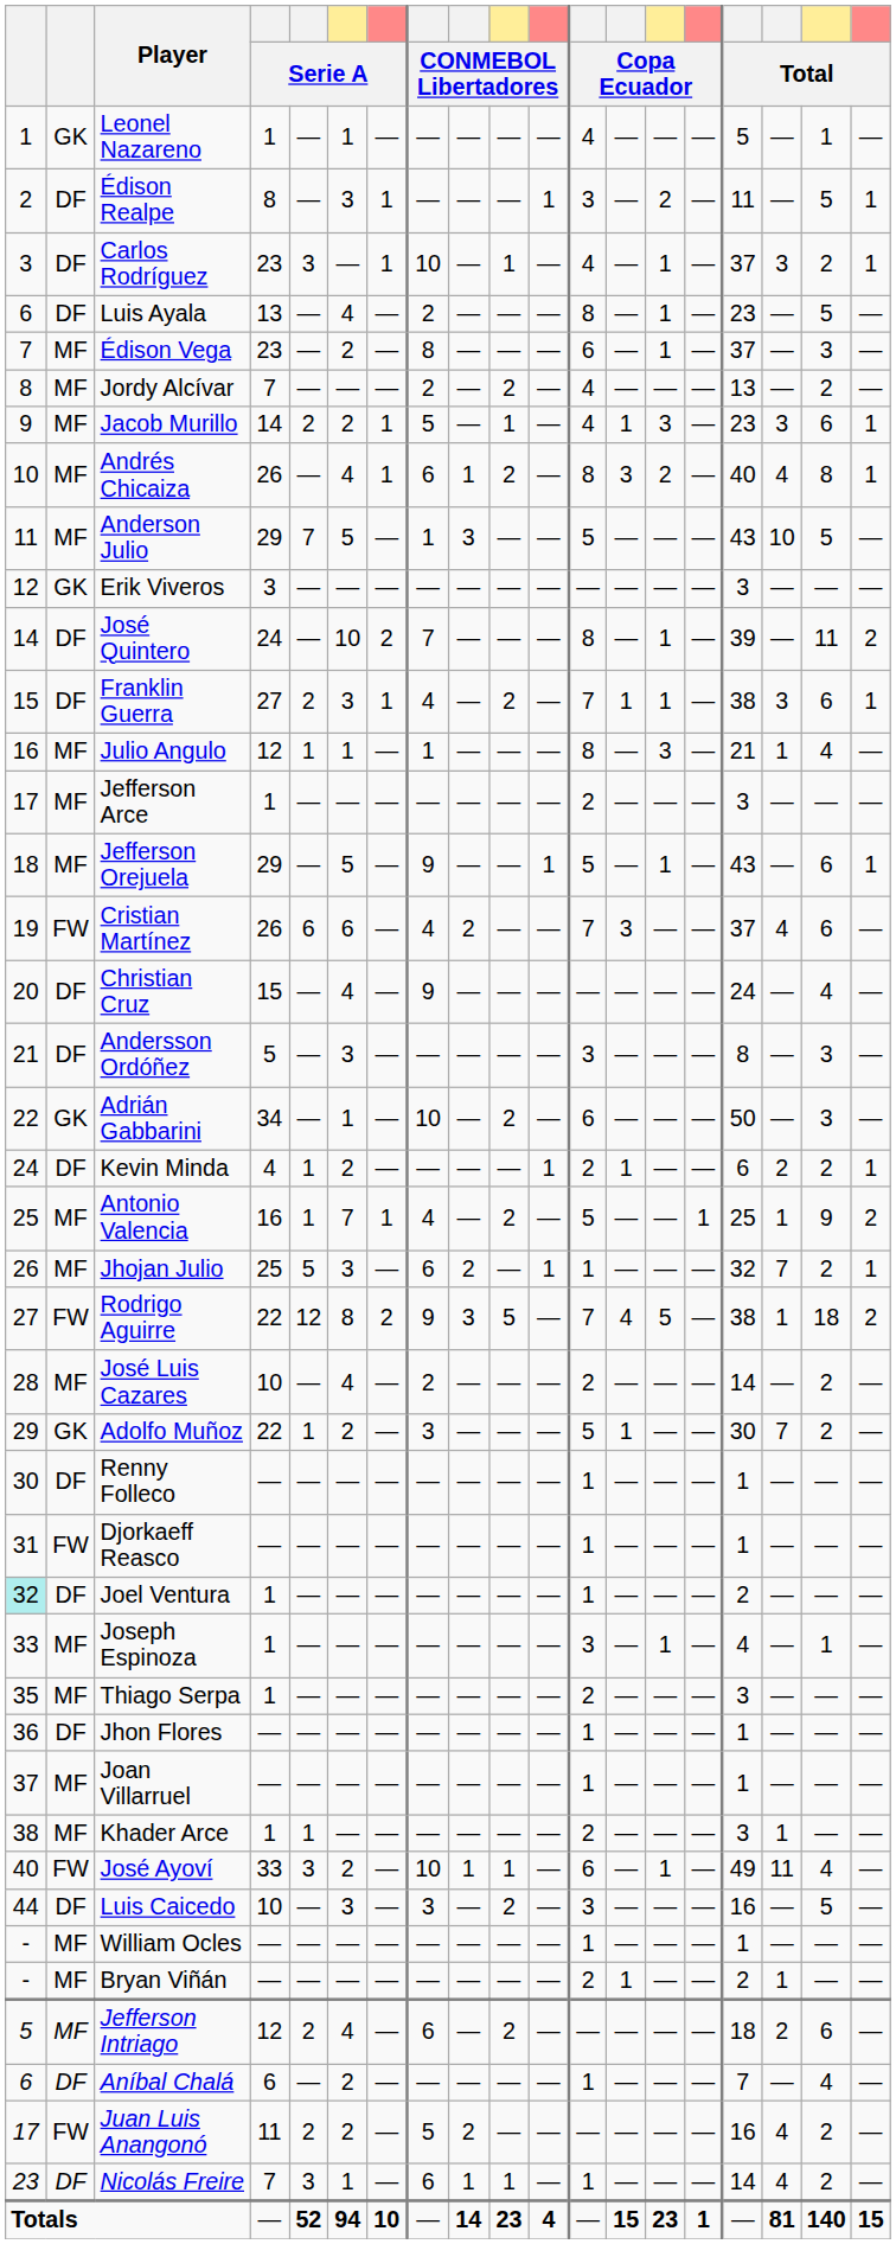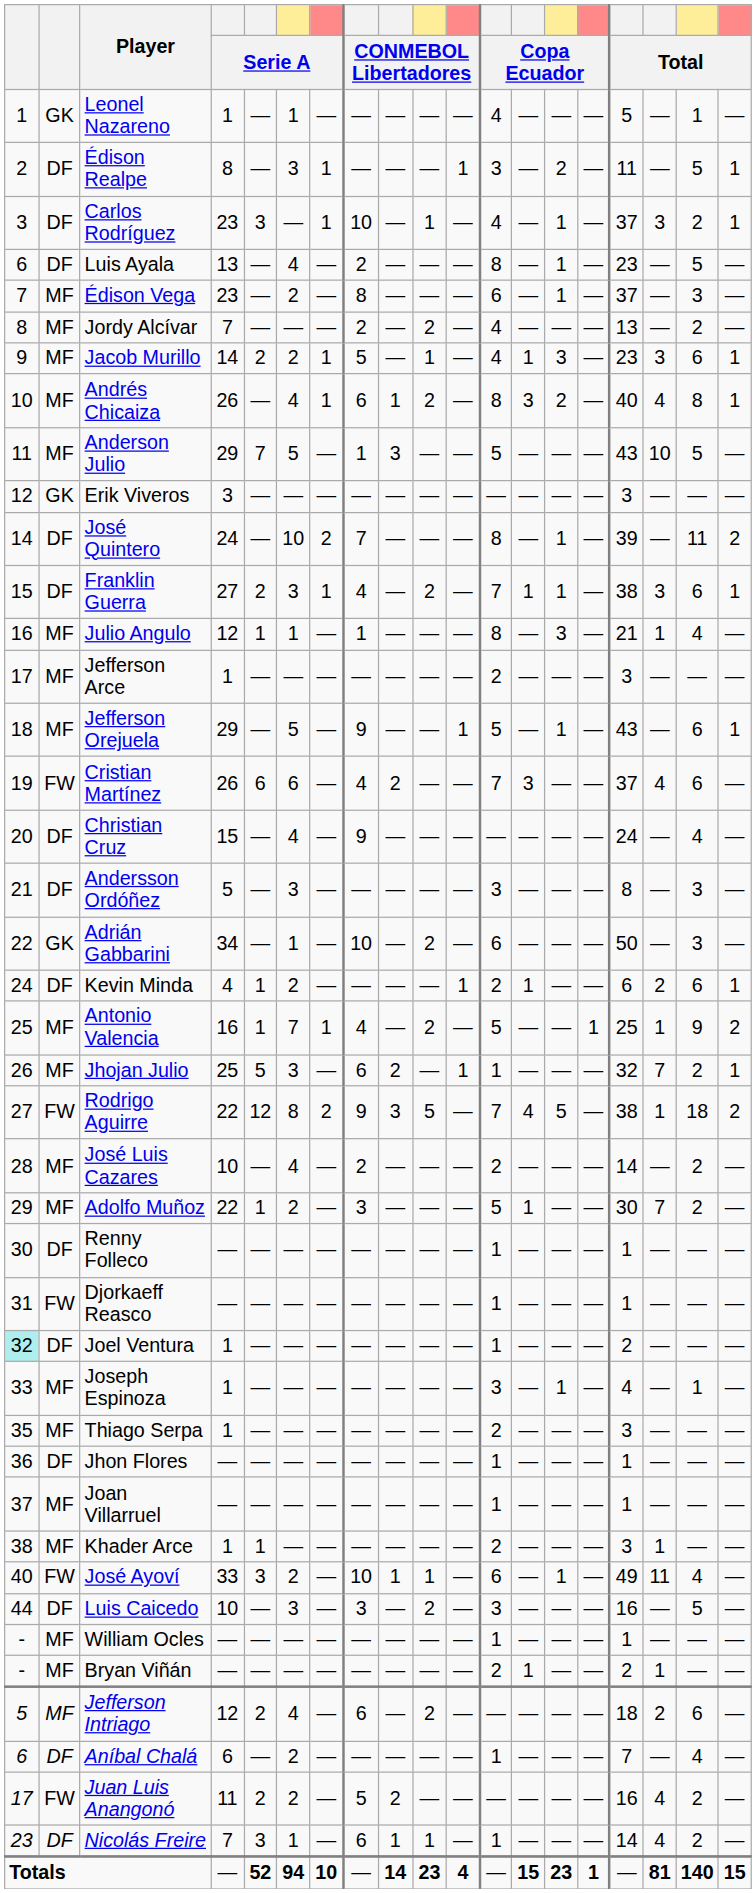 <table class="wikitable sortable" style="text-align: center;">
 <tr>
 <th rowspan="2" width=30 align="center"><br></th>
 <th rowspan="2" width=30 align="center"><br></th>
 <th rowspan="2" width=175 align="center">Player<br></th>
 <th width=25 style="background:"><br></th>
 <th width=25 style="background:"><br></th>
 <th width=25 style="background: #FFEE99"><br></th>
 <th width=25 style="border-right:2px solid grey; background:#FF8888"><br></th>
 <th width=25 style="background:"><br></th>
 <th width=25 style="background:"><br></th>
 <th width=25 style="background: #FFEE99"><br></th>
 <th width=25 style="border-right:2px solid grey; background:#FF8888"><br></th>
 <th width=25 style="background:"><br></th>
 <th width=25 style="background:"><br></th>
 <th width=25 style="background: #FFEE99"><br></th>
 <th width=25 style="border-right:2px solid grey; background:#FF8888"><br></th>
 <th width=25 style="background:"><br></th>
 <th width=25 style="background:"><br></th>
 <th width=25 style="background: #FFEE99"><br></th>
 <th width=25 style="background: #FF8888"><br></th>
 </tr>
 <tr class="sortbottom">
 <th colspan="4" style="border-right:2px solid grey;" align="center"><a href='#'>Serie A</a></th>
 <th colspan="4" style="border-right:2px solid grey;" align="center"><a href='#'>CONMEBOL<br>Libertadores</a></th>
 <th colspan="4" style="border-right:2px solid grey;" align="center"><a href='#'>Copa<br>Ecuador</a></th>
 <th colspan="4" align="center">Total</th>
 </tr>
 <tr>
 <td>1</td>
 <td>GK</td>
 <td align=left><a href='#'>Leonel Nazareno</a></td>
 <td>1</td>
 <td>—</td>
 <td>1</td>
 <td>—</td>
 <td style="border-left:2px solid grey">—</td>
 <td>—</td>
 <td>—</td>
 <td>—</td>
 <td style="border-left:2px solid grey">4</td>
 <td>—</td>
 <td>—</td>
 <td>—</td>
 <td style="border-left:2px solid grey">5</td>
 <td>—</td>
 <td>1</td>
 <td>—</td>
 </tr>
 <tr>
 <td>2</td>
 <td>DF</td>
 <td align=left><a href='#'>Édison Realpe</a></td>
 <td>8</td>
 <td>—</td>
 <td>3</td>
 <td>1</td>
 <td style="border-left:2px solid grey">—</td>
 <td>—</td>
 <td>—</td>
 <td>1</td>
 <td style="border-left:2px solid grey">3</td>
 <td>—</td>
 <td>2</td>
 <td>—</td>
 <td style="border-left:2px solid grey">11</td>
 <td>—</td>
 <td>5</td>
 <td>1</td>
 </tr>
 <tr>
 <td>3</td>
 <td>DF</td>
 <td align=left><a href='#'>Carlos Rodríguez</a></td>
 <td>23</td>
 <td>3</td>
 <td>—</td>
 <td>1</td>
 <td style="border-left:2px solid grey">10</td>
 <td>—</td>
 <td>1</td>
 <td>—</td>
 <td style="border-left:2px solid grey">4</td>
 <td>—</td>
 <td>1</td>
 <td>—</td>
 <td style="border-left:2px solid grey">37</td>
 <td>3</td>
 <td>2</td>
 <td>1</td>
 </tr>
 <tr>
 <td>6</td>
 <td>DF</td>
 <td align=left>Luis Ayala</td>
 <td>13</td>
 <td>—</td>
 <td>4</td>
 <td>—</td>
 <td style="border-left:2px solid grey">2</td>
 <td>—</td>
 <td>—</td>
 <td>—</td>
 <td style="border-left:2px solid grey">8</td>
 <td>—</td>
 <td>1</td>
 <td>—</td>
 <td style="border-left:2px solid grey">23</td>
 <td>—</td>
 <td>5</td>
 <td>—</td>
 </tr>
 <tr>
 <td>7</td>
 <td>MF</td>
 <td align=left><a href='#'>Édison Vega</a></td>
 <td>23</td>
 <td>—</td>
 <td>2</td>
 <td>—</td>
 <td style="border-left:2px solid grey">8</td>
 <td>—</td>
 <td>—</td>
 <td>—</td>
 <td style="border-left:2px solid grey">6</td>
 <td>—</td>
 <td>1</td>
 <td>—</td>
 <td style="border-left:2px solid grey">37</td>
 <td>—</td>
 <td>3</td>
 <td>—</td>
 </tr>
 <tr>
 <td>8</td>
 <td>MF</td>
 <td align=left>Jordy Alcívar</td>
 <td>7</td>
 <td>—</td>
 <td>—</td>
 <td>—</td>
 <td style="border-left:2px solid grey">2</td>
 <td>—</td>
 <td>2</td>
 <td>—</td>
 <td style="border-left:2px solid grey">4</td>
 <td>—</td>
 <td>—</td>
 <td>—</td>
 <td style="border-left:2px solid grey">13</td>
 <td>—</td>
 <td>2</td>
 <td>—</td>
 </tr>
 <tr>
 <td>9</td>
 <td>MF</td>
 <td align=left><a href='#'>Jacob Murillo</a></td>
 <td>14</td>
 <td>2</td>
 <td>2</td>
 <td>1</td>
 <td style="border-left:2px solid grey">5</td>
 <td>—</td>
 <td>1</td>
 <td>—</td>
 <td style="border-left:2px solid grey">4</td>
 <td>1</td>
 <td>3</td>
 <td>—</td>
 <td style="border-left:2px solid grey">23</td>
 <td>3</td>
 <td>6</td>
 <td>1</td>
 </tr>
 <tr>
 <td>10</td>
 <td>MF</td>
 <td align=left><a href='#'>Andrés Chicaiza</a></td>
 <td>26</td>
 <td>—</td>
 <td>4</td>
 <td>1</td>
 <td style="border-left:2px solid grey">6</td>
 <td>1</td>
 <td>2</td>
 <td>—</td>
 <td style="border-left:2px solid grey">8</td>
 <td>3</td>
 <td>2</td>
 <td>—</td>
 <td style="border-left:2px solid grey">40</td>
 <td>4</td>
 <td>8</td>
 <td>1</td>
 </tr>
 <tr>
 <td>11</td>
 <td>MF</td>
 <td align=left><a href='#'>Anderson Julio</a></td>
 <td>29</td>
 <td>7</td>
 <td>5</td>
 <td>—</td>
 <td style="border-left:2px solid grey">1</td>
 <td>3</td>
 <td>—</td>
 <td>—</td>
 <td style="border-left:2px solid grey">5</td>
 <td>—</td>
 <td>—</td>
 <td>—</td>
 <td style="border-left:2px solid grey">43</td>
 <td>10</td>
 <td>5</td>
 <td>—</td>
 </tr>
 <tr>
 <td>12</td>
 <td>GK</td>
 <td align=left>Erik Viveros</td>
 <td>3</td>
 <td>—</td>
 <td>—</td>
 <td>—</td>
 <td style="border-left:2px solid grey">—</td>
 <td>—</td>
 <td>—</td>
 <td>—</td>
 <td style="border-left:2px solid grey">—</td>
 <td>—</td>
 <td>—</td>
 <td>—</td>
 <td style="border-left:2px solid grey">3</td>
 <td>—</td>
 <td>—</td>
 <td>—</td>
 </tr>
 <tr>
 <td>14</td>
 <td>DF</td>
 <td align=left><a href='#'>José Quintero</a></td>
 <td>24</td>
 <td>—</td>
 <td>10</td>
 <td>2</td>
 <td style="border-left:2px solid grey">7</td>
 <td>—</td>
 <td>—</td>
 <td>—</td>
 <td style="border-left:2px solid grey">8</td>
 <td>—</td>
 <td>1</td>
 <td>—</td>
 <td style="border-left:2px solid grey">39</td>
 <td>—</td>
 <td>11</td>
 <td>2</td>
 </tr>
 <tr>
 <td>15</td>
 <td>DF</td>
 <td align=left><a href='#'>Franklin Guerra</a></td>
 <td>27</td>
 <td>2</td>
 <td>3</td>
 <td>1</td>
 <td style="border-left:2px solid grey">4</td>
 <td>—</td>
 <td>2</td>
 <td>—</td>
 <td style="border-left:2px solid grey">7</td>
 <td>1</td>
 <td>1</td>
 <td>—</td>
 <td style="border-left:2px solid grey">38</td>
 <td>3</td>
 <td>6</td>
 <td>1</td>
 </tr>
 <tr>
 <td>16</td>
 <td>MF</td>
 <td align=left><a href='#'>Julio Angulo</a></td>
 <td>12</td>
 <td>1</td>
 <td>1</td>
 <td>—</td>
 <td style="border-left:2px solid grey">1</td>
 <td>—</td>
 <td>—</td>
 <td>—</td>
 <td style="border-left:2px solid grey">8</td>
 <td>—</td>
 <td>3</td>
 <td>—</td>
 <td style="border-left:2px solid grey">21</td>
 <td>1</td>
 <td>4</td>
 <td>—</td>
 </tr>
 <tr>
 <td>17</td>
 <td>MF</td>
 <td align=left>Jefferson Arce</td>
 <td>1</td>
 <td>—</td>
 <td>—</td>
 <td>—</td>
 <td style="border-left:2px solid grey">—</td>
 <td>—</td>
 <td>—</td>
 <td>—</td>
 <td style="border-left:2px solid grey">2</td>
 <td>—</td>
 <td>—</td>
 <td>—</td>
 <td style="border-left:2px solid grey">3</td>
 <td>—</td>
 <td>—</td>
 <td>—</td>
 </tr>
 <tr>
 <td>18</td>
 <td>MF</td>
 <td align=left><a href='#'>Jefferson Orejuela</a></td>
 <td>29</td>
 <td>—</td>
 <td>5</td>
 <td>—</td>
 <td style="border-left:2px solid grey">9</td>
 <td>—</td>
 <td>—</td>
 <td>1</td>
 <td style="border-left:2px solid grey">5</td>
 <td>—</td>
 <td>1</td>
 <td>—</td>
 <td style="border-left:2px solid grey">43</td>
 <td>—</td>
 <td>6</td>
 <td>1</td>
 </tr>
 <tr>
 <td>19</td>
 <td>FW</td>
 <td align=left><a href='#'>Cristian Martínez</a></td>
 <td>26</td>
 <td>6</td>
 <td>6</td>
 <td>—</td>
 <td style="border-left:2px solid grey">4</td>
 <td>2</td>
 <td>—</td>
 <td>—</td>
 <td style="border-left:2px solid grey">7</td>
 <td>3</td>
 <td>—</td>
 <td>—</td>
 <td style="border-left:2px solid grey">37</td>
 <td>4</td>
 <td>6</td>
 <td>—</td>
 </tr>
 <tr>
 <td>20</td>
 <td>DF</td>
 <td align=left><a href='#'>Christian Cruz</a></td>
 <td>15</td>
 <td>—</td>
 <td>4</td>
 <td>—</td>
 <td style="border-left:2px solid grey">9</td>
 <td>—</td>
 <td>—</td>
 <td>—</td>
 <td style="border-left:2px solid grey">—</td>
 <td>—</td>
 <td>—</td>
 <td>—</td>
 <td style="border-left:2px solid grey">24</td>
 <td>—</td>
 <td>4</td>
 <td>—</td>
 </tr>
 <tr>
 <td>21</td>
 <td>DF</td>
 <td align=left><a href='#'>Andersson Ordóñez</a></td>
 <td>5</td>
 <td>—</td>
 <td>3</td>
 <td>—</td>
 <td style="border-left:2px solid grey">—</td>
 <td>—</td>
 <td>—</td>
 <td>—</td>
 <td style="border-left:2px solid grey">3</td>
 <td>—</td>
 <td>—</td>
 <td>—</td>
 <td style="border-left:2px solid grey">8</td>
 <td>—</td>
 <td>3</td>
 <td>—</td>
 </tr>
 <tr>
 <td>22</td>
 <td>GK</td>
 <td align=left><a href='#'>Adrián Gabbarini</a></td>
 <td>34</td>
 <td>—</td>
 <td>1</td>
 <td>—</td>
 <td style="border-left:2px solid grey">10</td>
 <td>—</td>
 <td>2</td>
 <td>—</td>
 <td style="border-left:2px solid grey">6</td>
 <td>—</td>
 <td>—</td>
 <td>—</td>
 <td style="border-left:2px solid grey">50</td>
 <td>—</td>
 <td>3</td>
 <td>—</td>
 </tr>
 <tr>
 <td>24</td>
 <td>DF</td>
 <td align=left>Kevin Minda</td>
 <td>4</td>
 <td>1</td>
 <td>2</td>
 <td>—</td>
 <td style="border-left:2px solid grey">—</td>
 <td>—</td>
 <td>—</td>
 <td>1</td>
 <td style="border-left:2px solid grey">2</td>
 <td>1</td>
 <td>—</td>
 <td>—</td>
 <td style="border-left:2px solid grey">6</td>
 <td>2</td>
-<td>2</td>
+<td>6</td>
 <td>1</td>
 </tr>
 <tr>
 <td>25</td>
 <td>MF</td>
 <td align=left><a href='#'>Antonio Valencia</a></td>
 <td>16</td>
 <td>1</td>
 <td>7</td>
 <td>1</td>
 <td style="border-left:2px solid grey">4</td>
 <td>—</td>
 <td>2</td>
 <td>—</td>
 <td style="border-left:2px solid grey">5</td>
 <td>—</td>
 <td>—</td>
 <td>1</td>
 <td style="border-left:2px solid grey">25</td>
 <td>1</td>
 <td>9</td>
 <td>2</td>
 </tr>
 <tr>
 <td>26</td>
 <td>MF</td>
 <td align=left><a href='#'>Jhojan Julio</a></td>
 <td>25</td>
 <td>5</td>
 <td>3</td>
 <td>—</td>
 <td style="border-left:2px solid grey">6</td>
 <td>2</td>
 <td>—</td>
 <td>1</td>
 <td style="border-left:2px solid grey">1</td>
 <td>—</td>
 <td>—</td>
 <td>—</td>
 <td style="border-left:2px solid grey">32</td>
 <td>7</td>
 <td>2</td>
 <td>1</td>
 </tr>
 <tr>
 <td>27</td>
 <td>FW</td>
 <td align=left><a href='#'>Rodrigo Aguirre</a></td>
 <td>22</td>
 <td>12</td>
 <td>8</td>
 <td>2</td>
 <td style="border-left:2px solid grey">9</td>
 <td>3</td>
 <td>5</td>
 <td>—</td>
 <td style="border-left:2px solid grey">7</td>
 <td>4</td>
 <td>5</td>
 <td>—</td>
 <td style="border-left:2px solid grey">38</td>
 <td>1</td>
 <td>18</td>
 <td>2</td>
 </tr>
 <tr>
 <td>28</td>
 <td>MF</td>
 <td align=left><a href='#'>José Luis Cazares</a></td>
 <td>10</td>
 <td>—</td>
 <td>4</td>
 <td>—</td>
 <td style="border-left:2px solid grey">2</td>
 <td>—</td>
 <td>—</td>
 <td>—</td>
 <td style="border-left:2px solid grey">2</td>
 <td>—</td>
 <td>—</td>
 <td>—</td>
 <td style="border-left:2px solid grey">14</td>
 <td>—</td>
 <td>2</td>
 <td>—</td>
 </tr>
 <tr>
 <td>29</td>
-<td>GK</td>
+<td>MF</td>
 <td align=left><a href='#'>Adolfo Muñoz</a></td>
 <td>22</td>
 <td>1</td>
 <td>2</td>
 <td>—</td>
 <td style="border-left:2px solid grey">3</td>
 <td>—</td>
 <td>—</td>
 <td>—</td>
 <td style="border-left:2px solid grey">5</td>
 <td>1</td>
 <td>—</td>
 <td>—</td>
 <td style="border-left:2px solid grey">30</td>
 <td>7</td>
 <td>2</td>
 <td>—</td>
 </tr>
 <tr>
 <td>30</td>
 <td>DF</td>
 <td align=left>Renny Folleco</td>
 <td>—</td>
 <td>—</td>
 <td>—</td>
 <td>—</td>
 <td style="border-left:2px solid grey">—</td>
 <td>—</td>
 <td>—</td>
 <td>—</td>
 <td style="border-left:2px solid grey">1</td>
 <td>—</td>
 <td>—</td>
 <td>—</td>
 <td style="border-left:2px solid grey">1</td>
 <td>—</td>
 <td>—</td>
 <td>—</td>
 </tr>
 <tr>
 <td>31</td>
 <td>FW</td>
 <td align=left>Djorkaeff Reasco</td>
 <td>—</td>
 <td>—</td>
 <td>—</td>
 <td>—</td>
 <td style="border-left:2px solid grey">—</td>
 <td>—</td>
 <td>—</td>
 <td>—</td>
 <td style="border-left:2px solid grey">1</td>
 <td>—</td>
 <td>—</td>
 <td>—</td>
 <td style="border-left:2px solid grey">1</td>
 <td>—</td>
 <td>—</td>
 <td>—</td>
 </tr>
 <tr>
 <td style="background: paleturquoise;">32</td>
 <td>DF</td>
 <td align=left>Joel Ventura</td>
 <td>1</td>
 <td>—</td>
 <td>—</td>
 <td>—</td>
 <td style="border-left:2px solid grey">—</td>
 <td>—</td>
 <td>—</td>
 <td>—</td>
 <td style="border-left:2px solid grey">1</td>
 <td>—</td>
 <td>—</td>
 <td>—</td>
 <td style="border-left:2px solid grey">2</td>
 <td>—</td>
 <td>—</td>
 <td>—</td>
 </tr>
 <tr>
 <td>33</td>
 <td>MF</td>
 <td align=left>Joseph Espinoza</td>
 <td>1</td>
 <td>—</td>
 <td>—</td>
 <td>—</td>
 <td style="border-left:2px solid grey">—</td>
 <td>—</td>
 <td>—</td>
 <td>—</td>
 <td style="border-left:2px solid grey">3</td>
 <td>—</td>
 <td>1</td>
 <td>—</td>
 <td style="border-left:2px solid grey">4</td>
 <td>—</td>
 <td>1</td>
 <td>—</td>
 </tr>
 <tr>
 <td>35</td>
 <td>MF</td>
 <td align=left>Thiago Serpa</td>
 <td>1</td>
 <td>—</td>
 <td>—</td>
 <td>—</td>
 <td style="border-left:2px solid grey">—</td>
 <td>—</td>
 <td>—</td>
 <td>—</td>
 <td style="border-left:2px solid grey">2</td>
 <td>—</td>
 <td>—</td>
 <td>—</td>
 <td style="border-left:2px solid grey">3</td>
 <td>—</td>
 <td>—</td>
 <td>—</td>
 </tr>
 <tr>
 <td>36</td>
 <td>DF</td>
 <td align=left>Jhon Flores</td>
 <td>—</td>
 <td>—</td>
 <td>—</td>
 <td>—</td>
 <td style="border-left:2px solid grey">—</td>
 <td>—</td>
 <td>—</td>
 <td>—</td>
 <td style="border-left:2px solid grey">1</td>
 <td>—</td>
 <td>—</td>
 <td>—</td>
 <td style="border-left:2px solid grey">1</td>
 <td>—</td>
 <td>—</td>
 <td>—</td>
 </tr>
 <tr>
 <td>37</td>
 <td>MF</td>
 <td align=left>Joan Villarruel</td>
 <td>—</td>
 <td>—</td>
 <td>—</td>
 <td>—</td>
 <td style="border-left:2px solid grey">—</td>
 <td>—</td>
 <td>—</td>
 <td>—</td>
 <td style="border-left:2px solid grey">1</td>
 <td>—</td>
 <td>—</td>
 <td>—</td>
 <td style="border-left:2px solid grey">1</td>
 <td>—</td>
 <td>—</td>
 <td>—</td>
 </tr>
 <tr>
 <td>38</td>
 <td>MF</td>
 <td align=left>Khader Arce</td>
 <td>1</td>
 <td>1</td>
 <td>—</td>
 <td>—</td>
 <td style="border-left:2px solid grey">—</td>
 <td>—</td>
 <td>—</td>
 <td>—</td>
 <td style="border-left:2px solid grey">2</td>
 <td>—</td>
 <td>—</td>
 <td>—</td>
 <td style="border-left:2px solid grey">3</td>
 <td>1</td>
 <td>—</td>
 <td>—</td>
 </tr>
 <tr>
 <td>40</td>
 <td>FW</td>
 <td align=left><a href='#'>José Ayoví</a></td>
 <td>33</td>
 <td>3</td>
 <td>2</td>
 <td>—</td>
 <td style="border-left:2px solid grey">10</td>
 <td>1</td>
 <td>1</td>
 <td>—</td>
 <td style="border-left:2px solid grey">6</td>
 <td>—</td>
 <td>1</td>
 <td>—</td>
 <td style="border-left:2px solid grey">49</td>
 <td>11</td>
 <td>4</td>
 <td>—</td>
 </tr>
 <tr>
 <td>44</td>
 <td>DF</td>
 <td align=left><a href='#'>Luis Caicedo</a></td>
 <td>10</td>
 <td>—</td>
 <td>3</td>
 <td>—</td>
 <td style="border-left:2px solid grey">3</td>
 <td>—</td>
 <td>2</td>
 <td>—</td>
 <td style="border-left:2px solid grey">3</td>
 <td>—</td>
 <td>—</td>
 <td>—</td>
 <td style="border-left:2px solid grey">16</td>
 <td>—</td>
 <td>5</td>
 <td>—</td>
 </tr>
 <tr>
 <td>-</td>
 <td>MF</td>
 <td align=left>William Ocles</td>
 <td>—</td>
 <td>—</td>
 <td>—</td>
 <td>—</td>
 <td style="border-left:2px solid grey">—</td>
 <td>—</td>
 <td>—</td>
 <td>—</td>
 <td style="border-left:2px solid grey">1</td>
 <td>—</td>
 <td>—</td>
 <td>—</td>
 <td style="border-left:2px solid grey">1</td>
 <td>—</td>
 <td>—</td>
 <td>—</td>
 </tr>
 <tr>
 <td>-</td>
 <td>MF</td>
 <td align=left>Bryan Viñán</td>
 <td>—</td>
 <td>—</td>
 <td>—</td>
 <td>—</td>
 <td style="border-left:2px solid grey">—</td>
 <td>—</td>
 <td>—</td>
 <td>—</td>
 <td style="border-left:2px solid grey">2</td>
 <td>1</td>
 <td>—</td>
 <td>—</td>
 <td style="border-left:2px solid grey">2</td>
 <td>1</td>
 <td>—</td>
 <td>—</td>
 </tr>
 <tr>
 </tr>
 <tr style="border-top:2px solid grey">
 <td><em>5</em></td>
 <td><em>MF</em></td>
 <td align=left><em><a href='#'>Jefferson Intriago</a></em></td>
 <td>12</td>
 <td>2</td>
 <td>4</td>
 <td>—</td>
 <td style="border-left:2px solid grey">6</td>
 <td>—</td>
 <td>2</td>
 <td>—</td>
 <td style="border-left:2px solid grey">—</td>
 <td>—</td>
 <td>—</td>
 <td>—</td>
 <td style="border-left:2px solid grey">18</td>
 <td>2</td>
 <td>6</td>
 <td>—</td>
 </tr>
 <tr>
 <td><em>6</em></td>
 <td><em>DF</em></td>
 <td align=left><em><a href='#'>Aníbal Chalá</a></em></td>
 <td>6</td>
 <td>—</td>
 <td>2</td>
 <td>—</td>
 <td style="border-left:2px solid grey">—</td>
 <td>—</td>
 <td>—</td>
 <td>—</td>
 <td style="border-left:2px solid grey">1</td>
 <td>—</td>
 <td>—</td>
 <td>—</td>
 <td style="border-left:2px solid grey">7</td>
 <td>—</td>
 <td>4</td>
 <td>—</td>
 </tr>
 <tr>
 <td><em>17</em></td>
 <td>FW</td>
 <td align=left><em><a href='#'>Juan Luis Anangonó</a></em></td>
 <td>11</td>
 <td>2</td>
 <td>2</td>
 <td>—</td>
 <td style="border-left:2px solid grey">5</td>
 <td>2</td>
 <td>—</td>
 <td>—</td>
 <td style="border-left:2px solid grey">—</td>
 <td>—</td>
 <td>—</td>
 <td>—</td>
 <td style="border-left:2px solid grey">16</td>
 <td>4</td>
 <td>2</td>
 <td>—</td>
 </tr>
 <tr>
 <td><em>23</em></td>
 <td><em>DF</em></td>
 <td align=left><em><a href='#'>Nicolás Freire</a></em></td>
 <td>7</td>
 <td>3</td>
 <td>1</td>
 <td>—</td>
 <td style="border-left:2px solid grey">6</td>
 <td>1</td>
 <td>1</td>
 <td>—</td>
 <td style="border-left:2px solid grey">1</td>
 <td>—</td>
 <td>—</td>
 <td>—</td>
 <td style="border-left:2px solid grey">14</td>
 <td>4</td>
 <td>2</td>
 <td>—</td>
 </tr>
 <tr>
 </tr>
 <tr class="sortbottom" style="border-top:2px solid grey">
 <td colspan=3 align=left><strong>Totals</strong></td>
 <td>—</td>
 <td><strong>52</strong></td>
 <td><strong>94</strong></td>
 <td><strong>10</strong></td>
 <td style="border-left:2px solid grey">—</td>
 <td><strong>14</strong></td>
 <td><strong>23</strong></td>
 <td><strong>4</strong></td>
 <td style="border-left:2px solid grey">—</td>
 <td><strong>15</strong></td>
 <td><strong>23</strong></td>
 <td><strong>1</strong></td>
 <td style="border-left:2px solid grey">—</td>
 <td><strong>81</strong></td>
 <td><strong>140</strong></td>
 <td><strong>15</strong></td>
 </tr>
 </table>
